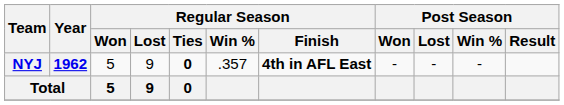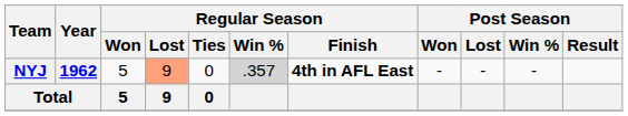 <table class="wikitable" style="font-size: 90%; text-align:center;">
 <tr>
 <th rowspan="2">Team</th>
 <th rowspan="2">Year</th>
 <th colspan="5">Regular Season</th>
 <th colspan="4">Post Season</th>
 </tr>
 <tr>
 <th>Won</th>
 <th>Lost</th>
 <th>Ties</th>
 <th>Win %</th>
 <th>Finish</th>
 <th>Won</th>
 <th>Lost</th>
 <th>Win %</th>
 <th>Result</th>
 </tr>
 <tr>
 <th><a href='#'>NYJ</a></th>
 <th><a href='#'>1962</a></th>
 <td>5</td>
-<td>9</td>
-<td><strong>0</strong></td>
-<td>.357</td>
+<td style="background: lightsalmon;">9</td>
+<td>0</td>
+<td style="background: lightgrey;">.357</td>
 <td><strong>4th in AFL East</strong></td>
 <td>-</td>
 <td>-</td>
 <td>-</td>
 <td></td>
 </tr>
 <tr>
 <th colspan="2">Total</th>
 <th>5</th>
 <th>9</th>
 <th>0</th>
 <th></th>
 <th></th>
 <th></th>
 <th></th>
 <th></th>
 <th></th>
 </tr>
 <tr>
 </tr>
 </table>
